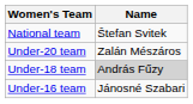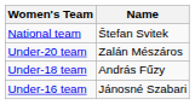 <table class="wikitable">
 <tr>
 <th>Women's Team</th>
 <th>Name</th>
 </tr>
 <tr>
 <td><a href='#'>National team</a></td>
 <td> Štefan Svitek</td>
 </tr>
 <tr>
 <td><a href='#'>Under-20 team</a></td>
 <td> Zalán Mészáros</td>
 </tr>
 <tr>
 <td><a href='#'>Under-18 team</a></td>
-<td style="background: lightgrey;"> András Fűzy</td>
+<td> András Fűzy</td>
 </tr>
 <tr>
 <td><a href='#'>Under-16 team</a></td>
 <td> Jánosné Szabari</td>
 </tr>
 </table>
